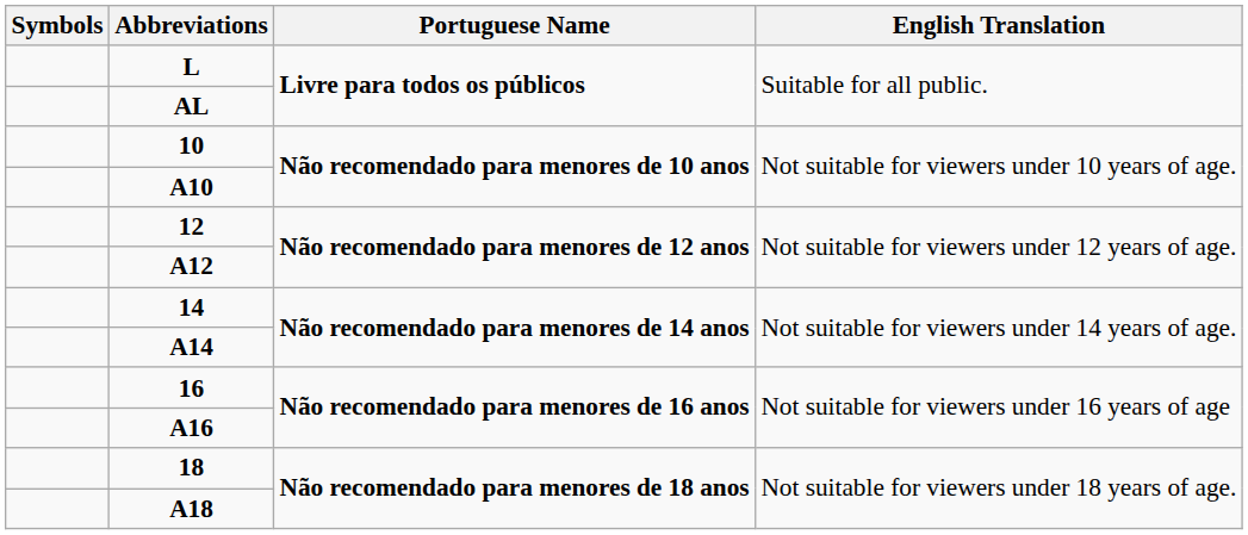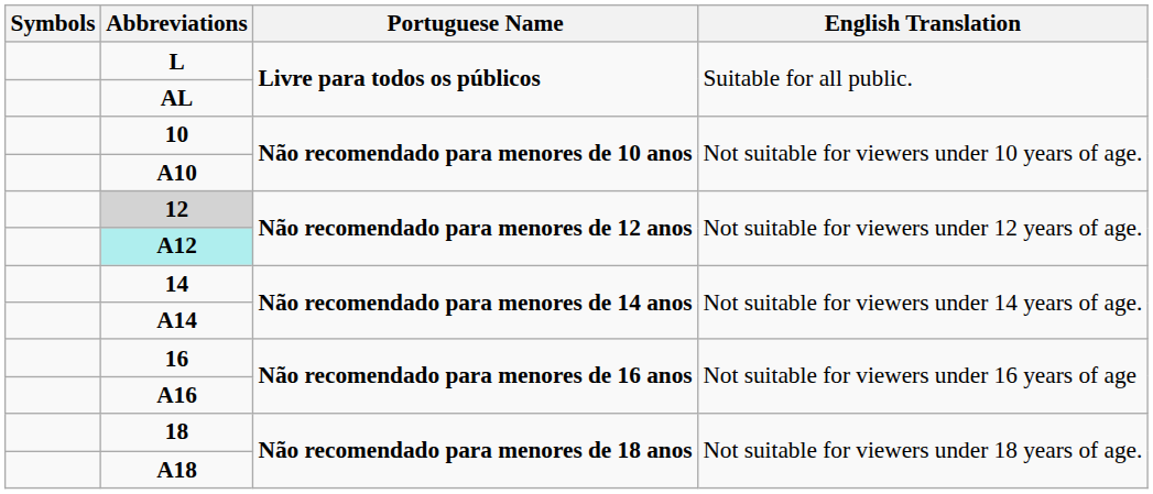 <table class="wikitable">
 <tr>
 <th>Symbols</th>
 <th>Abbreviations</th>
 <th>Portuguese Name</th>
 <th>English Translation</th>
 </tr>
 <tr>
 <td align="center"></td>
 <td align="center"><strong>L</strong></td>
 <td rowspan="2"><strong>Livre para todos os públicos</strong></td>
 <td rowspan="2">Suitable for all public.</td>
 </tr>
 <tr>
 <td></td>
 <td align="center"><strong>AL</strong></td>
 </tr>
 <tr>
 <td align="center"></td>
 <td align="center"><strong>10</strong></td>
 <td rowspan="2"><strong>Não recomendado para menores de 10 anos</strong></td>
 <td rowspan="2">Not suitable for viewers under 10 years of age.</td>
 </tr>
 <tr>
 <td></td>
 <td align="center"><strong>A10</strong></td>
 </tr>
 <tr>
 <td align="center"></td>
-<td align="center"><strong>12</strong></td>
+<td align="center" style="background: lightgrey;"><strong>12</strong></td>
 <td rowspan="2"><strong>Não recomendado para menores de 12 anos</strong></td>
 <td rowspan="2">Not suitable for viewers under 12 years of age.</td>
 </tr>
 <tr>
 <td></td>
-<td align="center"><strong>A12</strong></td>
+<td align="center" style="background: paleturquoise;"><strong>A12</strong></td>
 </tr>
 <tr>
 <td align="center"></td>
 <td align="center"><strong>14</strong></td>
 <td rowspan="2"><strong>Não recomendado para menores de 14 anos</strong></td>
 <td rowspan="2">Not suitable for viewers under 14 years of age.</td>
 </tr>
 <tr>
 <td></td>
 <td align="center"><strong>A14</strong></td>
 </tr>
 <tr>
 <td align="center"></td>
 <td align="center"><strong>16</strong></td>
 <td rowspan="2"><strong>Não recomendado para menores de 16 anos</strong></td>
 <td rowspan="2">Not suitable for viewers under 16 years of age</td>
 </tr>
 <tr>
 <td></td>
 <td align="center"><strong>A16</strong></td>
 </tr>
 <tr>
 <td align="center"></td>
 <td align="center"><strong>18</strong></td>
 <td rowspan="2"><strong>Não recomendado para menores de 18 anos</strong></td>
 <td rowspan="2">Not suitable for viewers under 18 years of age.</td>
 </tr>
 <tr>
 <td></td>
 <td align="center"><strong>A18</strong></td>
 </tr>
 </table>
